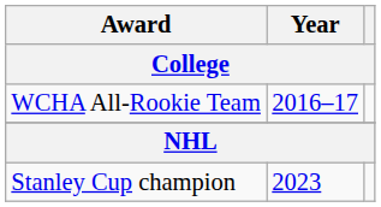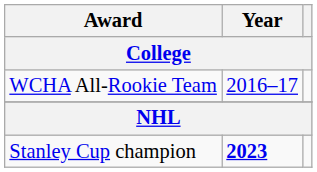 <table class="wikitable">
 <tr>
 <th>Award</th>
 <th>Year</th>
 <th></th>
 </tr>
 <tr ALIGN="center" bgcolor="#e0e0e0">
 <th colspan="3"><a href='#'>College</a></th>
 </tr>
 <tr>
 <td><a href='#'>WCHA</a> All-<a href='#'>Rookie Team</a></td>
 <td><a href='#'>2016–17</a></td>
 <td></td>
 </tr>
 <tr>
 </tr>
 <tr ALIGN="center" bgcolor="#e0e0e0">
 <th colspan="3"><a href='#'>NHL</a></th>
 </tr>
 <tr>
 <td><a href='#'>Stanley Cup</a> champion</td>
-<td><a href='#'>2023</a></td>
+<td><strong><a href='#'>2023</a></strong></td>
 <td></td>
 </tr>
 </table>
